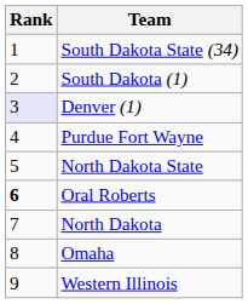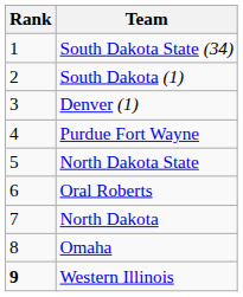 <table class="wikitable">
 <tr>
 <th>Rank</th>
 <th>Team</th>
 </tr>
 <tr>
 <td>1</td>
 <td><a href='#'>South Dakota State</a> <em>(34)</em></td>
 </tr>
 <tr>
 <td>2</td>
 <td><a href='#'>South Dakota</a>  <em>(1)</em></td>
 </tr>
 <tr>
-<td style="background: lavender;">3</td>
+<td>3</td>
 <td><a href='#'>Denver</a> <em>(1)</em></td>
 </tr>
 <tr>
 <td>4</td>
 <td><a href='#'>Purdue Fort Wayne</a></td>
 </tr>
 <tr>
 <td>5</td>
 <td><a href='#'>North Dakota State</a></td>
 </tr>
 <tr>
-<td><strong>6</strong></td>
+<td>6</td>
 <td><a href='#'>Oral Roberts</a></td>
 </tr>
 <tr>
 <td>7</td>
 <td><a href='#'>North Dakota</a></td>
 </tr>
 <tr>
 <td>8</td>
 <td><a href='#'>Omaha</a></td>
 </tr>
 <tr>
-<td>9</td>
+<td><strong>9</strong></td>
 <td><a href='#'>Western Illinois</a></td>
 </tr>
 </table>
